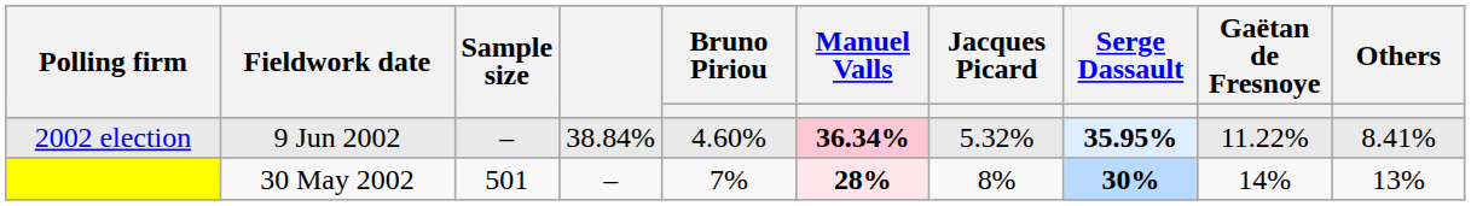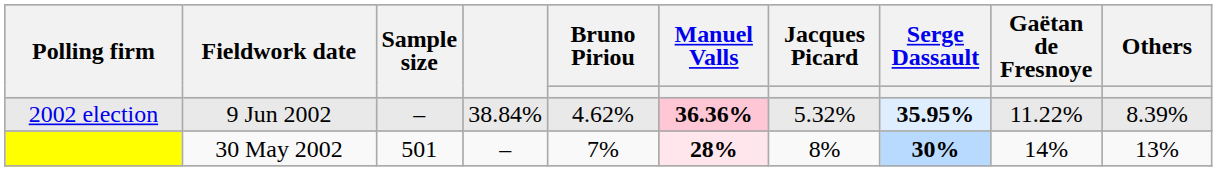 <table class="wikitable sortable" style="text-align:center;font-size:90%;line-height:14px;">
 <tr style="height:40px;">
 <th style="width:100px;" rowspan="2">Polling firm</th>
 <th style="width:110px;" rowspan="2">Fieldwork date</th>
 <th style="width:35px;" rowspan="2">Sample<br>size</th>
 <th style="width:30px;" rowspan="2"></th>
 <th class="unsortable" style="width:60px;">Bruno Piriou<br></th>
 <th class="unsortable" style="width:60px;"><a href='#'>Manuel Valls</a><br></th>
 <th class="unsortable" style="width:60px;">Jacques Picard<br></th>
 <th class="unsortable" style="width:60px;"><a href='#'>Serge Dassault</a><br></th>
 <th class="unsortable" style="width:60px;">Gaëtan de Fresnoye<br></th>
 <th class="unsortable" style="width:60px;">Others</th>
 </tr>
 <tr>
 <th style="background:"></th>
 <th style="background:"></th>
 <th style="background:"></th>
 <th style="background:"></th>
 <th style="background:"></th>
 <th style="background:"></th>
 </tr>
 <tr style="background:#E9E9E9;">
 <td><a href='#'>2002 election</a></td>
 <td data-sort-value="2002-06-09">9 Jun 2002</td>
 <td>–</td>
 <td>38.84%</td>
-<td>4.60%</td>
-<td style="background:#FFC6D5;"><strong>36.34%</strong></td>
+<td>4.62%</td>
+<td style="background:#FFC6D5;"><strong>36.36%</strong></td>
 <td>5.32%</td>
 <td style="background:#DFEEFF;"><strong>35.95%</strong></td>
 <td>11.22%</td>
-<td>8.41%</td>
+<td>8.39%</td>
 </tr>
 <tr>
 <td style="background:yellow;"></td>
 <td data-sort-value="2002-05-30">30 May 2002</td>
 <td>501</td>
 <td>–</td>
 <td>7%</td>
 <td style="background:#FFE6EC;"><strong>28%</strong></td>
 <td>8%</td>
 <td style="background:#B9DAFF;"><strong>30%</strong></td>
 <td>14%</td>
 <td>13%</td>
 </tr>
 </table>
